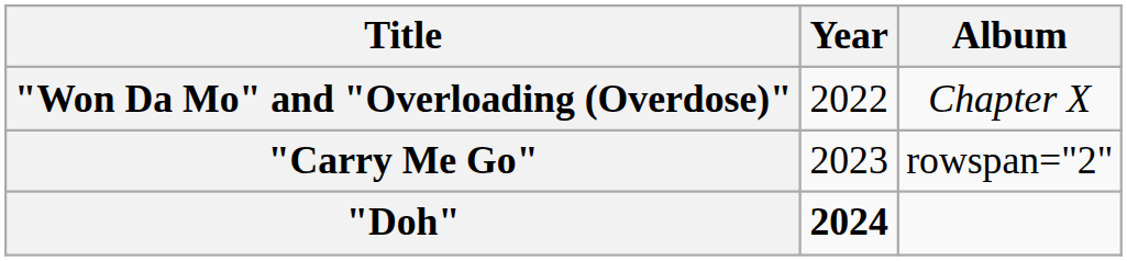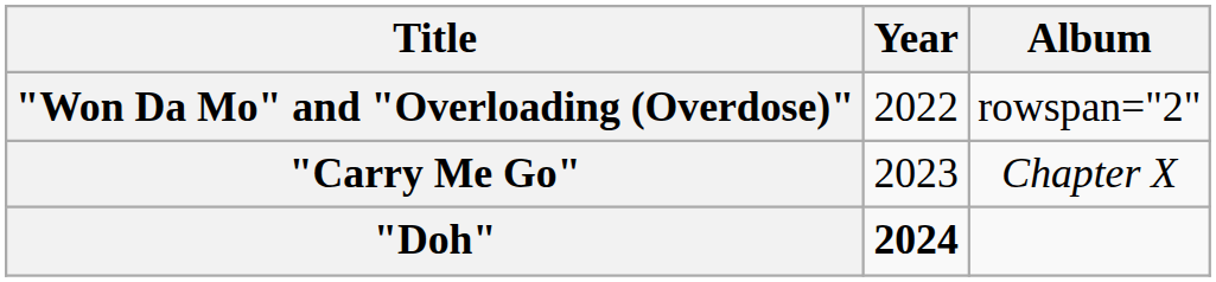 <table class="wikitable plainrowheaders" style="text-align:center;">
 <tr>
 <th scope="col">Title</th>
 <th scope="col">Year</th>
 <th scope="col">Album</th>
 </tr>
 <tr>
 <th scope="row">"Won Da Mo" and "Overloading (Overdose)"<br></th>
 <td>2022</td>
-<td><em>Chapter X</em></td>
+<td>rowspan="2" </td>
 </tr>
 <tr>
 <th scope="row">"Carry Me Go"<br></th>
 <td>2023</td>
-<td>rowspan="2" </td>
+<td><em>Chapter X</em></td>
 </tr>
 <tr>
 <th scope="row">"Doh"<br></th>
 <td><strong>2024</strong></td>
 </tr>
 </table>
